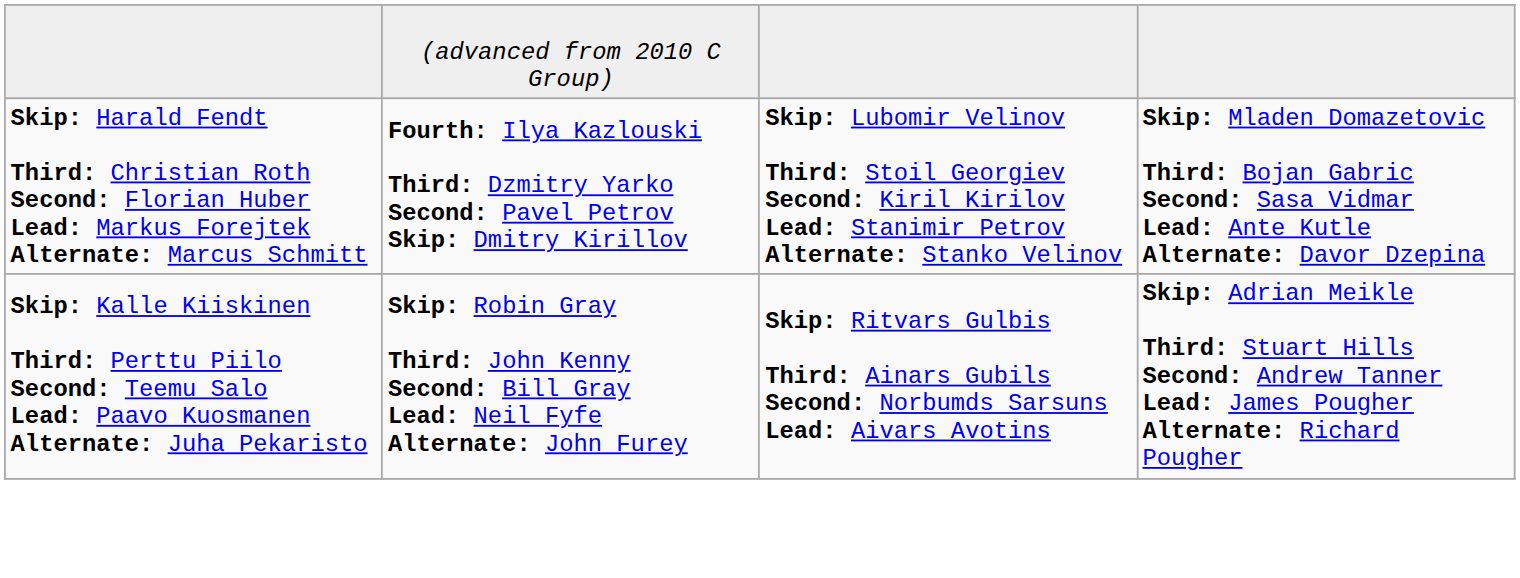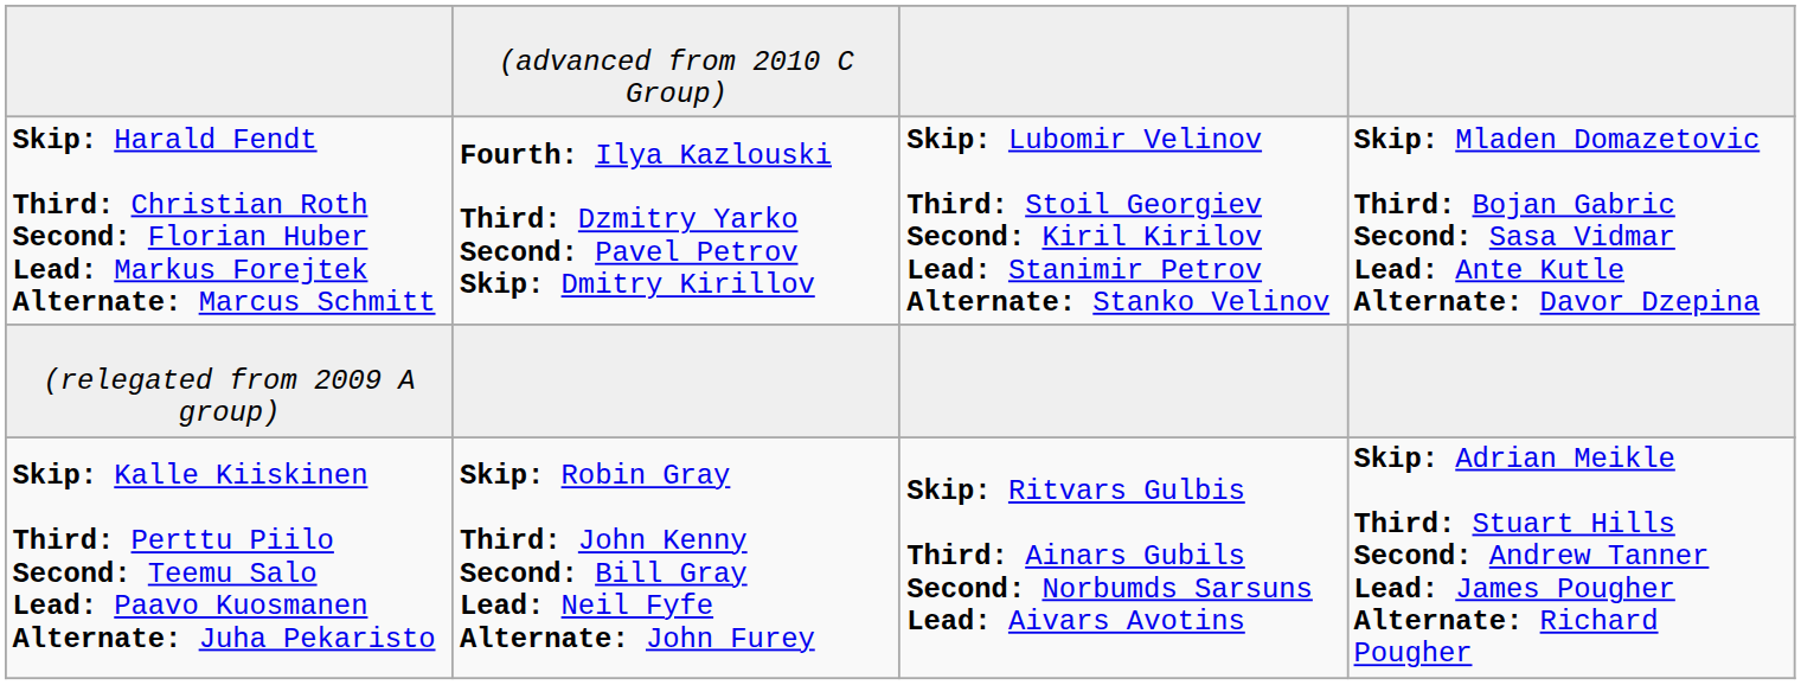 <table class="wikitable">
 <tr align=center>
 <td bgcolor="#efefef" width="200"><strong></strong></td>
 <td bgcolor="#efefef" width="200"><strong></strong> <br> <em>(advanced from 2010 C Group)</em></td>
 <td bgcolor="#efefef" width="200"><strong></strong></td>
 <td bgcolor="#efefef" width="200"><strong></strong></td>
 </tr>
 <tr>
 <td><strong>Skip:</strong> <a href='#'>Harald Fendt</a><br><br><strong>Third:</strong> <a href='#'>Christian Roth</a><br> <strong>Second:</strong> <a href='#'>Florian Huber</a><br> <strong>Lead:</strong> <a href='#'>Markus Forejtek</a><br> <strong>Alternate:</strong> <a href='#'>Marcus Schmitt</a></td>
 <td><strong>Fourth:</strong> <a href='#'>Ilya Kazlouski</a><br><br><strong>Third:</strong> <a href='#'>Dzmitry Yarko</a><br> <strong>Second:</strong> <a href='#'>Pavel Petrov</a><br> <strong>Skip:</strong> <a href='#'>Dmitry Kirillov</a></td>
 <td><strong>Skip:</strong> <a href='#'>Lubomir Velinov</a><br><br><strong>Third:</strong> <a href='#'>Stoil Georgiev</a><br> <strong>Second:</strong> <a href='#'>Kiril Kirilov</a><br> <strong>Lead:</strong> <a href='#'>Stanimir Petrov</a><br> <strong>Alternate:</strong> <a href='#'>Stanko Velinov</a></td>
 <td><strong>Skip:</strong> <a href='#'>Mladen Domazetovic</a><br><br><strong>Third:</strong> <a href='#'>Bojan Gabric</a><br> <strong>Second:</strong> <a href='#'>Sasa Vidmar</a><br> <strong>Lead:</strong> <a href='#'>Ante Kutle</a><br> <strong>Alternate:</strong> <a href='#'>Davor Dzepina</a></td>
 </tr>
+<tr align=center>
+<td bgcolor="#efefef" width="200"><strong></strong> <br> <em>(relegated from 2009 A group)</em></td>
+<td bgcolor="#efefef" width="200"><strong></strong></td>
+<td bgcolor="#efefef" width="200"><strong></strong></td>
+<td bgcolor="#efefef" width="200"><strong></strong></td>
+</tr>
 <tr>
 <td><strong>Skip:</strong> <a href='#'>Kalle Kiiskinen</a><br><br><strong>Third:</strong> <a href='#'>Perttu Piilo</a><br> <strong>Second:</strong> <a href='#'>Teemu Salo</a><br> <strong>Lead:</strong> <a href='#'>Paavo Kuosmanen</a><br> <strong>Alternate:</strong> <a href='#'>Juha Pekaristo</a></td>
 <td><strong>Skip:</strong> <a href='#'>Robin Gray</a><br><br><strong>Third:</strong> <a href='#'>John Kenny</a><br> <strong>Second:</strong> <a href='#'>Bill Gray</a><br> <strong>Lead:</strong> <a href='#'>Neil Fyfe</a><br> <strong>Alternate:</strong> <a href='#'>John Furey</a></td>
 <td><strong>Skip:</strong> <a href='#'>Ritvars Gulbis</a><br><br><strong>Third:</strong> <a href='#'>Ainars Gubils</a><br> <strong>Second:</strong> <a href='#'>Norbumds Sarsuns</a><br> <strong>Lead:</strong> <a href='#'>Aivars Avotins</a></td>
 <td><strong>Skip:</strong> <a href='#'>Adrian Meikle</a><br><br><strong>Third:</strong> <a href='#'>Stuart Hills</a><br> <strong>Second:</strong> <a href='#'>Andrew Tanner</a><br> <strong>Lead:</strong> <a href='#'>James Pougher</a><br> <strong>Alternate:</strong> <a href='#'>Richard Pougher</a></td>
 </tr>
 </table>
